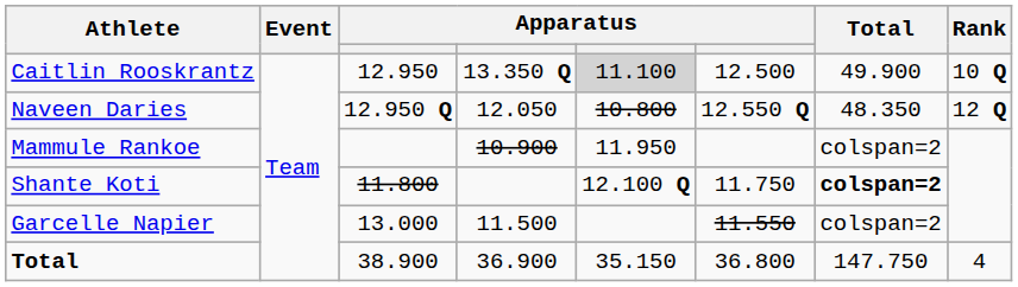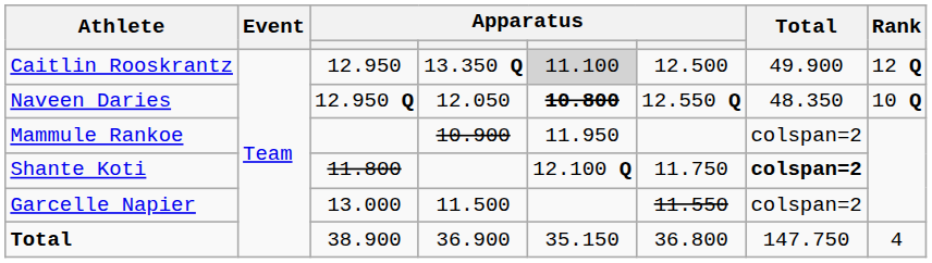 <table class="wikitable" style="font-size:90%; text-align:center">
 <tr>
 <th rowspan=2>Athlete</th>
 <th rowspan=2>Event</th>
 <th colspan=4>Apparatus</th>
 <th rowspan=2>Total</th>
 <th rowspan=2>Rank</th>
 </tr>
 <tr style="font-size:95%">
 <th></th>
 <th></th>
 <th></th>
 <th></th>
 </tr>
 <tr>
 <td align=left><a href='#'>Caitlin Rooskrantz</a></td>
 <td align=left rowspan=6><a href='#'>Team</a></td>
 <td>12.950</td>
 <td>13.350 <strong>Q</strong></td>
 <td style="background: lightgrey;">11.100</td>
 <td>12.500</td>
 <td>49.900</td>
-<td>10 <strong>Q</strong></td>
+<td>12 <strong>Q</strong></td>
 </tr>
 <tr>
 <td align=left><a href='#'>Naveen Daries</a></td>
 <td>12.950 <strong>Q</strong></td>
 <td>12.050</td>
-<td><s>10.800</s></td>
+<td><strong><s>10.800</s></strong></td>
 <td>12.550 <strong>Q</strong></td>
 <td>48.350</td>
-<td>12 <strong>Q</strong></td>
+<td>10 <strong>Q</strong></td>
 </tr>
 <tr>
 <td align=left><a href='#'>Mammule Rankoe</a></td>
 <td></td>
 <td><s>10.900</s></td>
 <td>11.950</td>
 <td></td>
 <td>colspan=2</td>
 </tr>
 <tr>
 <td align=left><a href='#'>Shante Koti</a></td>
 <td><s>11.800</s></td>
 <td></td>
 <td>12.100 <strong>Q</strong></td>
 <td>11.750</td>
 <td><strong>colspan=2</strong></td>
 </tr>
 <tr>
 <td align=left><a href='#'>Garcelle Napier</a></td>
 <td>13.000</td>
 <td>11.500</td>
 <td></td>
 <td><s>11.550</s></td>
 <td>colspan=2</td>
 </tr>
 <tr>
 <td align=left><strong>Total</strong></td>
 <td>38.900</td>
 <td>36.900</td>
 <td>35.150</td>
 <td>36.800</td>
 <td>147.750</td>
 <td>4</td>
 </tr>
 </table>
